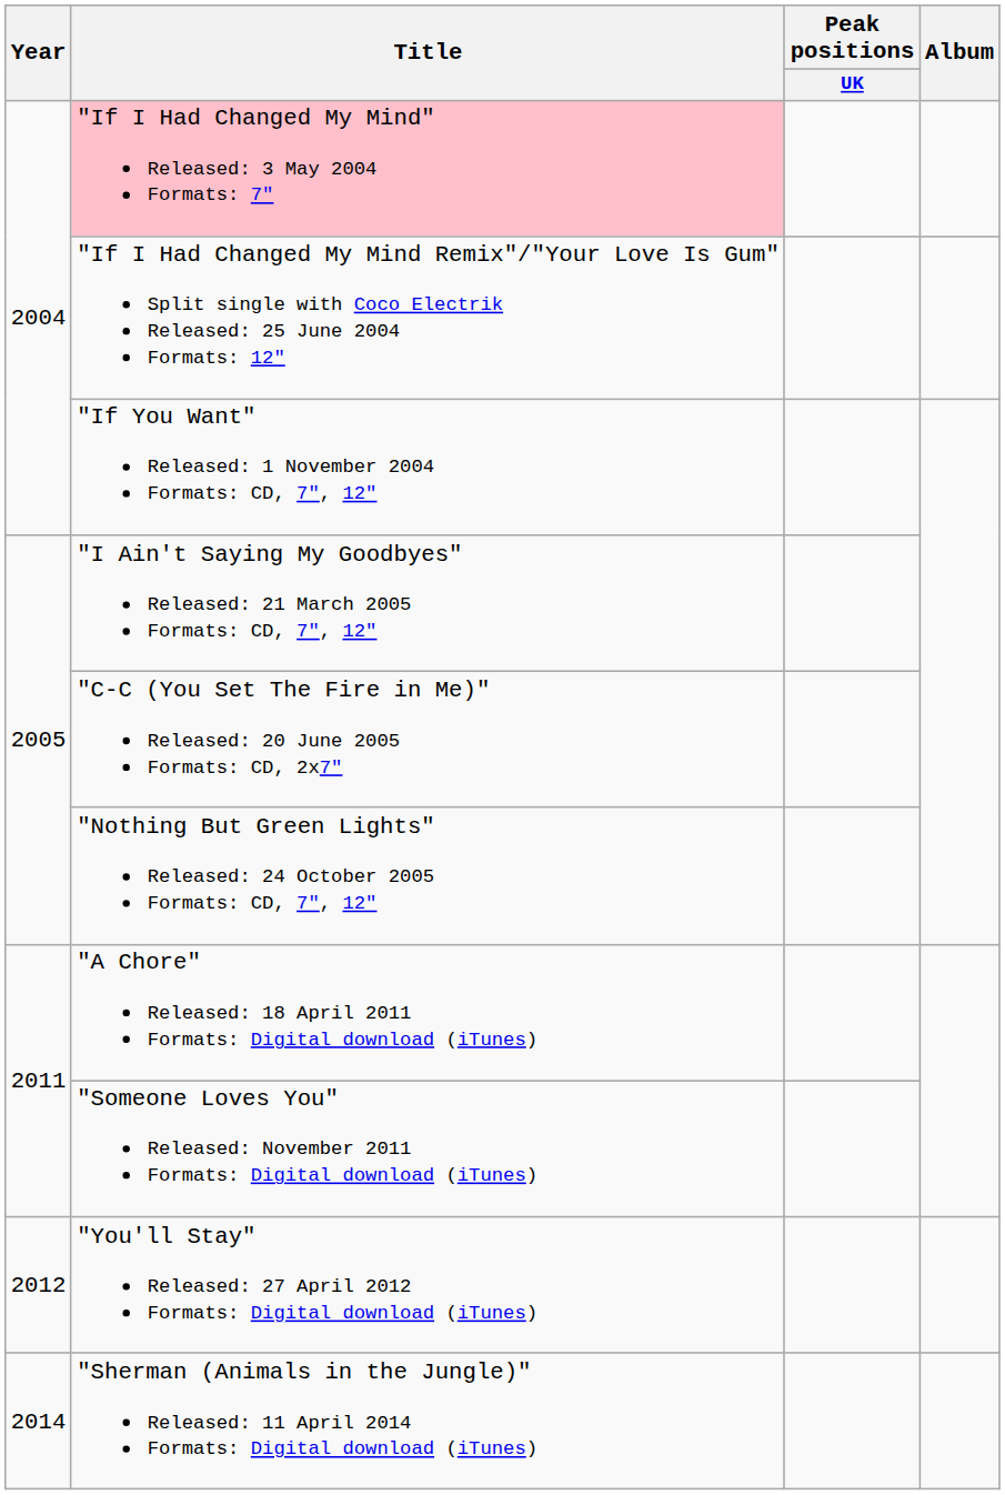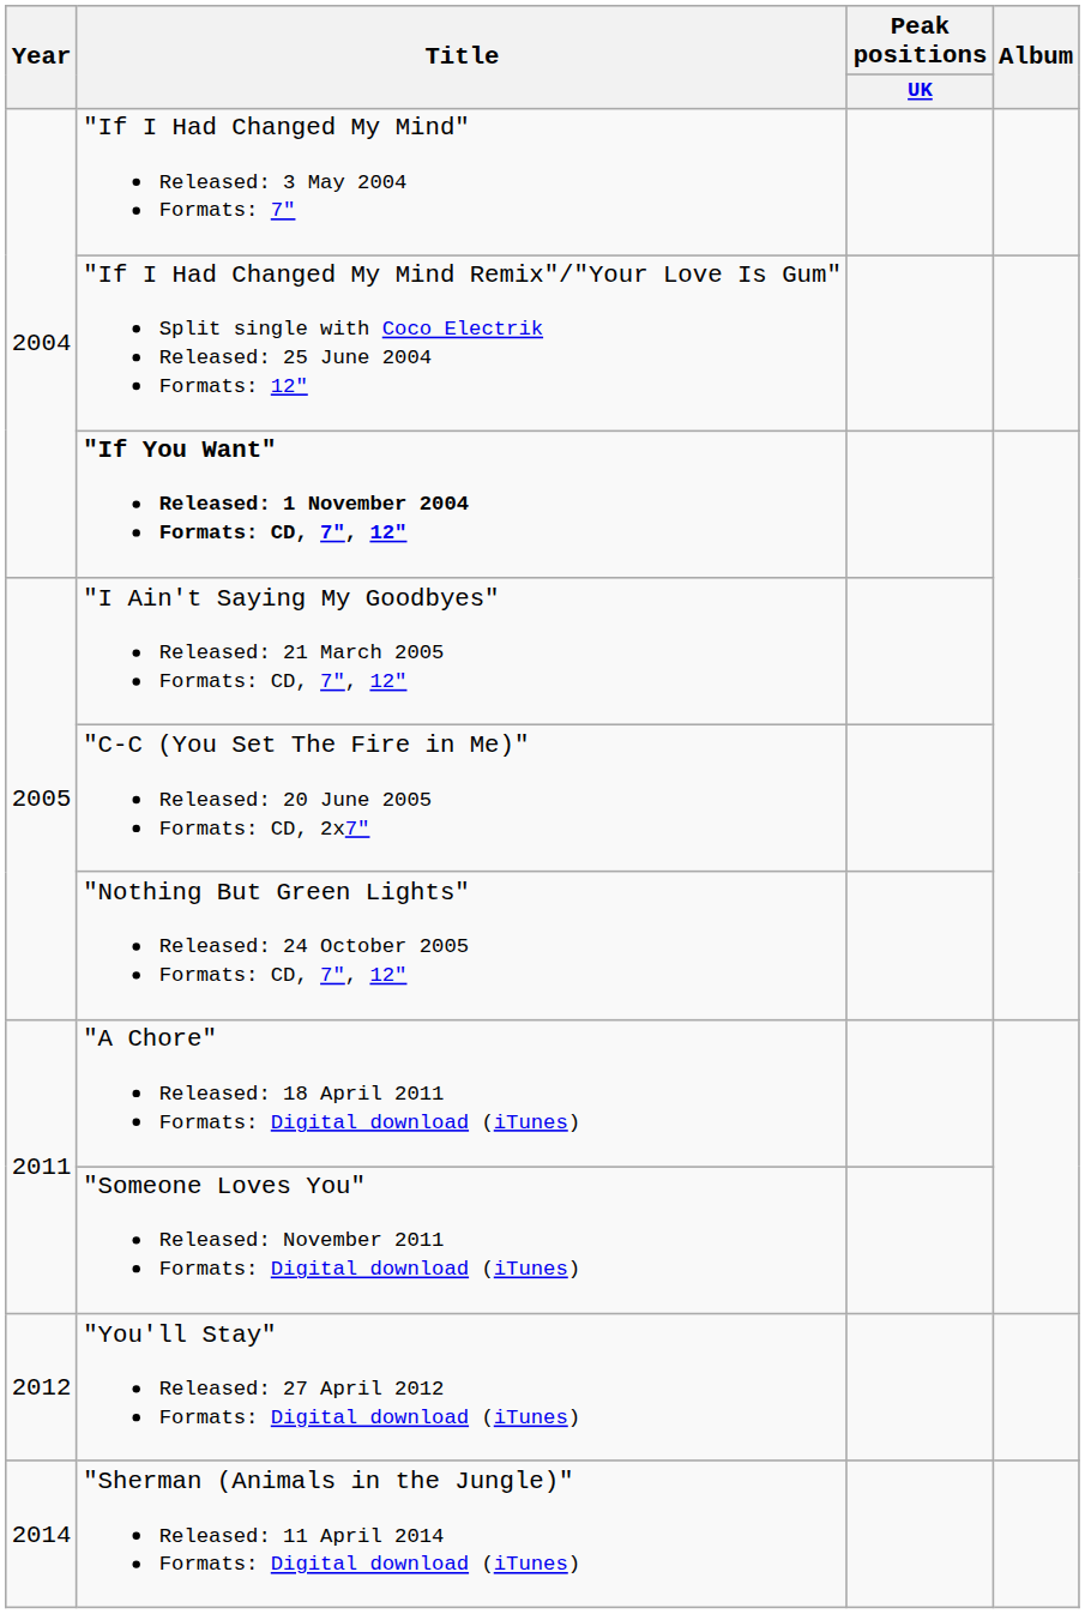 <table class="wikitable">
 <tr>
 <th rowspan="2">Year</th>
 <th rowspan="2">Title</th>
 <th>Peak positions</th>
 <th rowspan="2">Album</th>
 </tr>
 <tr style=font-size:smaller;>
 <th width="30"><a href='#'>UK</a></th>
 </tr>
 <tr>
 <td rowspan="3">2004</td>
-<td style="background: pink;">"If I Had Changed My Mind"<br><ul><li><small>Released: 3 May 2004</small></li><li><small>Formats: <a href='#'>7"</a></small></li></ul></td>
+<td>"If I Had Changed My Mind"<br><ul><li><small>Released: 3 May 2004</small></li><li><small>Formats: <a href='#'>7"</a></small></li></ul></td>
 <td></td>
 <td></td>
 </tr>
 <tr>
 <td>"If I Had Changed My Mind Remix"/"Your Love Is Gum"<br><ul><li><small>Split single with <a href='#'>Coco Electrik</a></small></li><li><small>Released: 25 June 2004</small></li><li><small>Formats: <a href='#'>12"</a></small></li></ul></td>
 <td></td>
 <td></td>
 </tr>
 <tr>
-<td>"If You Want"<br><ul><li><small>Released: 1 November 2004</small></li><li><small>Formats: CD, <a href='#'>7"</a>, <a href='#'>12"</a></small></li></ul></td>
+<td><strong>"If You Want"<br><ul><li><small>Released: 1 November 2004</small></li><li><small>Formats: CD, <a href='#'>7"</a>, <a href='#'>12"</a></small></li></ul></strong></td>
 <td></td>
 <td rowspan="4"></td>
 </tr>
 <tr>
 <td rowspan="3">2005</td>
 <td>"I Ain't Saying My Goodbyes"<br><ul><li><small>Released: 21 March 2005</small></li><li><small>Formats: CD, <a href='#'>7"</a>, <a href='#'>12"</a></small></li></ul></td>
 <td></td>
 </tr>
 <tr>
 <td>"C-C (You Set The Fire in Me)"<br><ul><li><small>Released: 20 June 2005</small></li><li><small>Formats: CD, 2x<a href='#'>7"</a></small></li></ul></td>
 <td></td>
 </tr>
 <tr>
 <td>"Nothing But Green Lights"<br><ul><li><small>Released: 24 October 2005</small></li><li><small>Formats: CD, <a href='#'>7"</a>, <a href='#'>12"</a></small></li></ul></td>
 <td></td>
 </tr>
 <tr>
 <td rowspan="2">2011</td>
 <td>"A Chore"<br><ul><li><small>Released: 18 April 2011</small></li><li><small>Formats: <a href='#'>Digital download</a> (<a href='#'>iTunes</a>)</small></li></ul></td>
 <td></td>
 <td rowspan="2"></td>
 </tr>
 <tr>
 <td>"Someone Loves You"<br><ul><li><small>Released: November 2011</small></li><li><small>Formats: <a href='#'>Digital download</a> (<a href='#'>iTunes</a>)</small></li></ul></td>
 <td></td>
 </tr>
 <tr>
 <td>2012</td>
 <td>"You'll Stay"<br><ul><li><small>Released: 27 April 2012</small></li><li><small>Formats: <a href='#'>Digital download</a> (<a href='#'>iTunes</a>)</small></li></ul></td>
 <td></td>
 <td></td>
 </tr>
 <tr>
 <td>2014</td>
 <td>"Sherman (Animals in the Jungle)"<br><ul><li><small>Released: 11 April 2014</small></li><li><small>Formats: <a href='#'>Digital download</a> (<a href='#'>iTunes</a>)</small></li></ul></td>
 <td></td>
 <td></td>
 </tr>
 </table>
